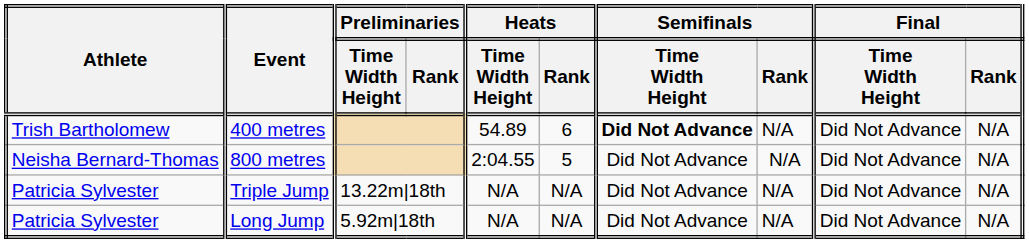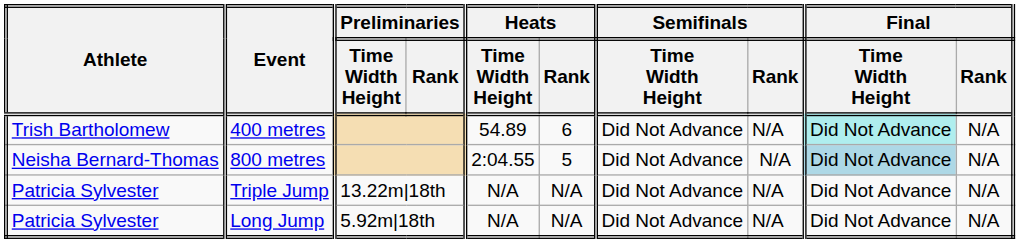 <table class=wikitable style="font-size:90%; border: double;">
 <tr>
 <th rowspan="2" style="border-right:double">Athlete</th>
 <th rowspan="2" style="border-right:double">Event</th>
 <th colspan="2" style="border-right:double; border-bottom:double;">Preliminaries</th>
 <th colspan="2" style="border-right:double; border-bottom:double;">Heats</th>
 <th colspan="2" style="border-right:double; border-bottom:double;">Semifinals</th>
 <th colspan="2" style="border-right:double; border-bottom:double;">Final</th>
 </tr>
 <tr>
 <th>Time<br>Width<br>Height</th>
 <th style="border-right:double">Rank</th>
 <th>Time<br>Width<br>Height</th>
 <th style="border-right:double">Rank</th>
 <th>Time<br>Width<br>Height</th>
 <th style="border-right:double">Rank</th>
 <th>Time<br>Width<br>Height</th>
 <th style="border-right:double">Rank</th>
 </tr>
 <tr style="border-top: double;">
 <td style="border-right:double"><a href='#'>Trish Bartholomew</a></td>
 <td style="border-right:double"><a href='#'>400 metres</a></td>
 <td colspan="2" style="border-right:double; background:wheat;"></td>
 <td align=center>54.89</td>
 <td style="border-right:double; text-align:center;">6</td>
-<td align=center><strong>Did Not Advance</strong></td>
+<td align=center>Did Not Advance</td>
 <td style="border-right:double">N/A</td>
-<td align=center>Did Not Advance</td>
+<td align=center style="background: paleturquoise;">Did Not Advance</td>
 <td align=center>N/A</td>
 </tr>
 <tr>
 <td style="border-right:double"><a href='#'>Neisha Bernard-Thomas</a></td>
 <td style="border-right:double"><a href='#'>800 metres</a></td>
 <td colspan="2" style="border-right:double; background:wheat;"></td>
 <td align=center>2:04.55</td>
 <td style="border-right:double; text-align:center;">5</td>
 <td align=center>Did Not Advance</td>
 <td style="border-right:double; text-align:center;">N/A</td>
-<td align=center>Did Not Advance</td>
+<td align=center style="background: lightblue;">Did Not Advance</td>
 <td align=center>N/A</td>
 </tr>
 <tr>
 <td style="border-right:double"><a href='#'>Patricia Sylvester</a></td>
 <td style="border-right:double"><a href='#'>Triple Jump</a></td>
 <td style="border-right:double" colspan= 2 bgcolor=>13.22m|18th</td>
 <td align=center>N/A</td>
 <td style="border-right:double; text-align:center;">N/A</td>
 <td align=center>Did Not Advance</td>
 <td style="border-right:double">N/A</td>
 <td align=center>Did Not Advance</td>
 <td align=center>N/A</td>
 </tr>
 <tr>
 <td style="border-right:double"><a href='#'>Patricia Sylvester</a></td>
 <td style="border-right:double"><a href='#'>Long Jump</a></td>
 <td style="border-right:double" colspan= 2 bgcolor=>5.92m|18th</td>
 <td align=center>N/A</td>
 <td style="border-right:double; text-align:center;">N/A</td>
 <td align=center>Did Not Advance</td>
 <td style="border-right:double">N/A</td>
 <td align=center>Did Not Advance</td>
 <td align=center>N/A</td>
 </tr>
 </table>
